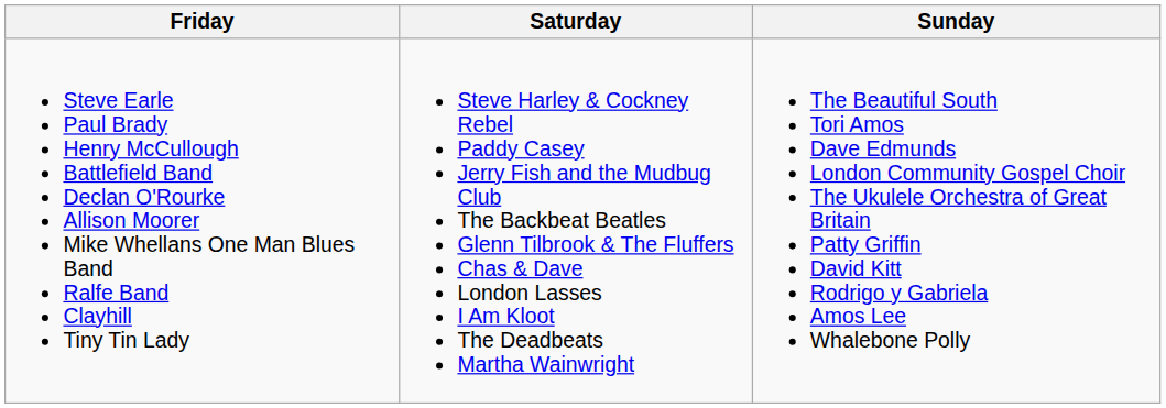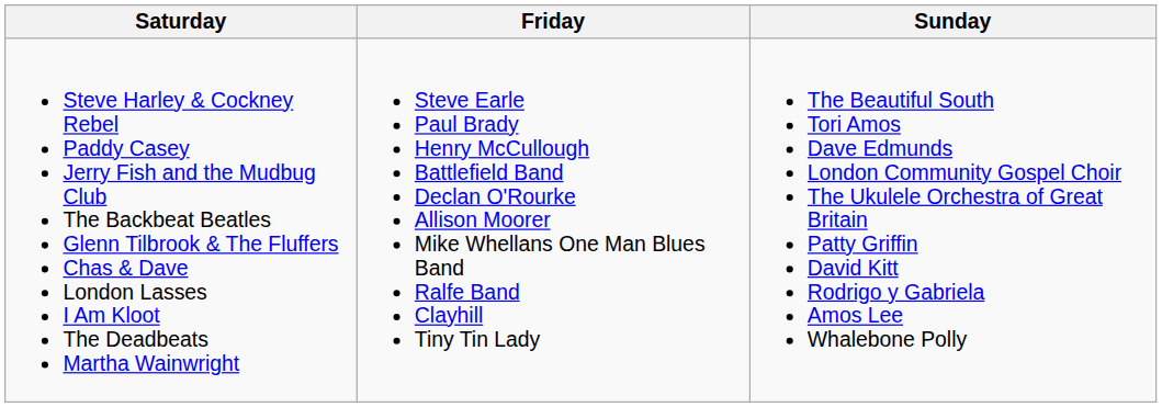 <table class="wikitable">
 <tr>
+<th>Saturday</th>
 <th>Friday</th>
-<th>Saturday</th>
 <th>Sunday</th>
 </tr>
 <tr valign="top">
+<td><br><ul><li><a href='#'>Steve Harley & Cockney Rebel</a></li><li><a href='#'>Paddy Casey</a></li><li><a href='#'>Jerry Fish and the Mudbug Club</a></li><li>The Backbeat Beatles</li><li><a href='#'>Glenn Tilbrook & The Fluffers</a></li><li><a href='#'>Chas & Dave</a></li><li>London Lasses</li><li><a href='#'>I Am Kloot</a></li><li>The Deadbeats</li><li><a href='#'>Martha Wainwright</a></li></ul></td>
 <td><br><ul><li><a href='#'>Steve Earle</a></li><li><a href='#'>Paul Brady</a></li><li><a href='#'>Henry McCullough</a></li><li><a href='#'>Battlefield Band</a></li><li><a href='#'>Declan O'Rourke</a></li><li><a href='#'>Allison Moorer</a></li><li>Mike Whellans One Man Blues Band</li><li><a href='#'>Ralfe Band</a></li><li><a href='#'>Clayhill</a></li><li>Tiny Tin Lady</li></ul></td>
-<td><br><ul><li><a href='#'>Steve Harley & Cockney Rebel</a></li><li><a href='#'>Paddy Casey</a></li><li><a href='#'>Jerry Fish and the Mudbug Club</a></li><li>The Backbeat Beatles</li><li><a href='#'>Glenn Tilbrook & The Fluffers</a></li><li><a href='#'>Chas & Dave</a></li><li>London Lasses</li><li><a href='#'>I Am Kloot</a></li><li>The Deadbeats</li><li><a href='#'>Martha Wainwright</a></li></ul></td>
 <td><br><ul><li><a href='#'>The Beautiful South</a></li><li><a href='#'>Tori Amos</a></li><li><a href='#'>Dave Edmunds</a></li><li><a href='#'>London Community Gospel Choir</a></li><li><a href='#'>The Ukulele Orchestra of Great Britain</a></li><li><a href='#'>Patty Griffin</a></li><li><a href='#'>David Kitt</a></li><li><a href='#'>Rodrigo y Gabriela</a></li><li><a href='#'>Amos Lee</a></li><li>Whalebone Polly</li></ul></td>
 </tr>
 </table>
